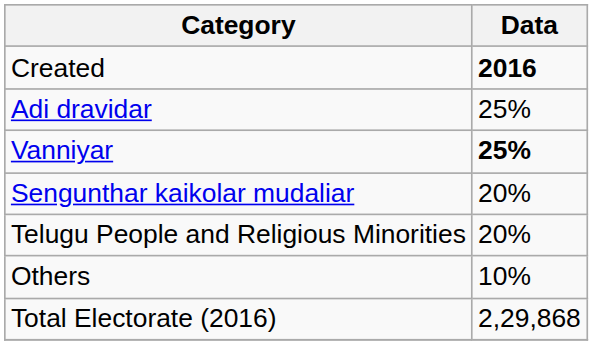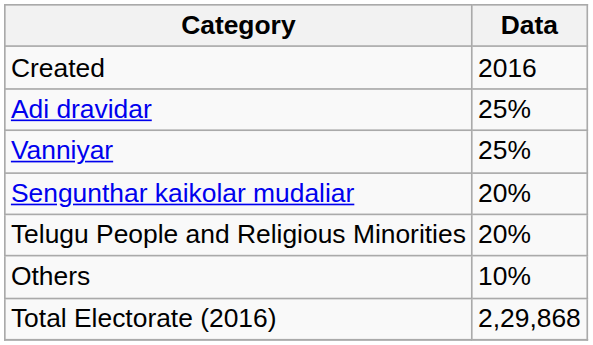 <table class="wikitable" border="1"; "width:300px">
 <tr>
 <th>Category</th>
 <th>Data</th>
 </tr>
 <tr>
 <td>Created</td>
-<td><strong>2016</strong></td>
+<td>2016</td>
 </tr>
 <tr>
 <td><a href='#'>Adi dravidar</a></td>
 <td>25%</td>
 </tr>
 <tr>
 <td><a href='#'>Vanniyar</a></td>
-<td><strong>25%</strong></td>
+<td>25%</td>
 </tr>
 <tr>
 <td><a href='#'>Sengunthar kaikolar mudaliar</a></td>
 <td>20%</td>
 </tr>
 <tr>
 <td>Telugu People and Religious Minorities</td>
 <td>20%</td>
 </tr>
 <tr>
 <td>Others</td>
 <td>10%</td>
 </tr>
 <tr>
 <td>Total Electorate (2016)</td>
 <td>2,29,868</td>
 </tr>
 <tr>
 </tr>
 </table>
